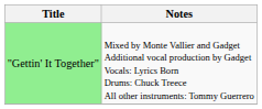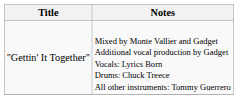 <table class="wikitable">
 <tr>
 <th>Title</th>
 <th>Notes</th>
 </tr>
 <tr>
-<td style="background: lightgreen;">"Gettin' It Together"</td>
+<td>"Gettin' It Together"</td>
 <td><br><small>Mixed by Monte Vallier and Gadget <br>Additional vocal production by Gadget <br>Vocals: Lyrics Born <br>Drums: Chuck Treece <br>All other instruments: Tommy Guerrero</small></td>
 </tr>
 <tr>
 </tr>
 </table>
